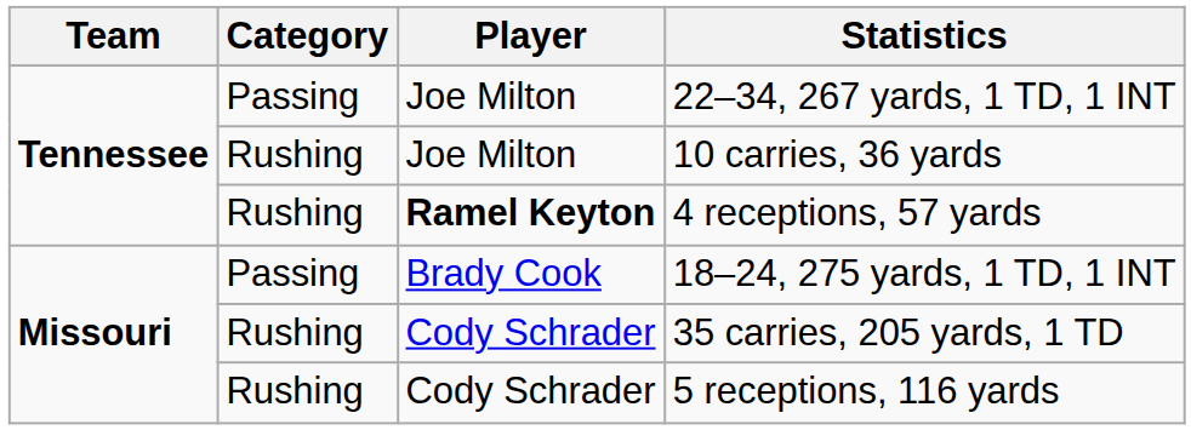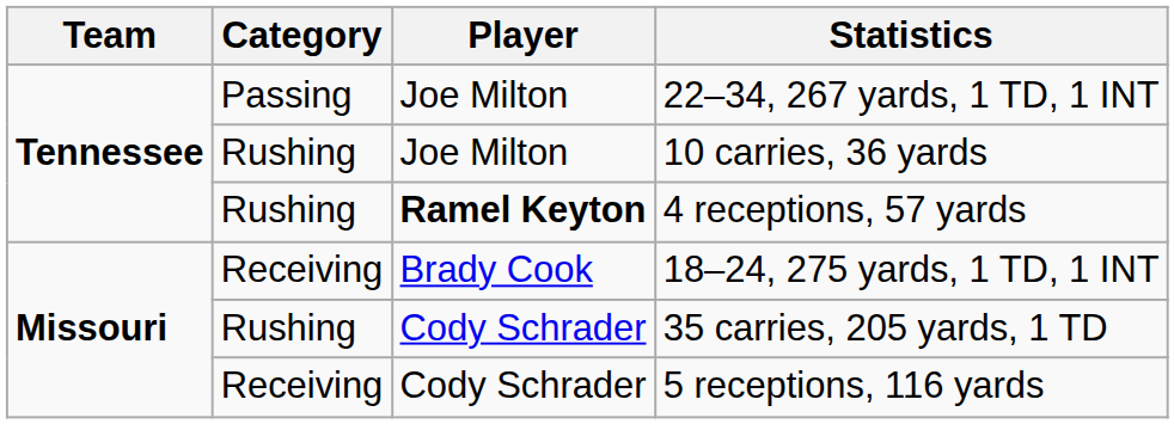 <table class="wikitable" style="float: right;">
 <tr>
 <th>Team</th>
 <th>Category</th>
 <th>Player</th>
 <th>Statistics</th>
 </tr>
 <tr>
 <td rowspan=3><strong>Tennessee</strong></td>
 <td>Passing</td>
 <td>Joe Milton</td>
 <td>22–34, 267 yards, 1 TD, 1 INT</td>
 </tr>
 <tr>
 <td>Rushing</td>
 <td>Joe Milton</td>
 <td>10 carries, 36 yards</td>
 </tr>
 <tr>
 <td>Rushing</td>
 <td><strong>Ramel Keyton</strong></td>
 <td>4 receptions, 57 yards</td>
 </tr>
 <tr>
 <td rowspan=3><strong>Missouri</strong></td>
-<td>Passing</td>
+<td>Receiving</td>
 <td><a href='#'>Brady Cook</a></td>
 <td>18–24, 275 yards, 1 TD, 1 INT</td>
 </tr>
 <tr>
 <td>Rushing</td>
 <td><a href='#'>Cody Schrader</a></td>
 <td>35 carries, 205 yards, 1 TD</td>
 </tr>
 <tr>
-<td>Rushing</td>
+<td>Receiving</td>
 <td>Cody Schrader</td>
 <td>5 receptions, 116 yards</td>
 </tr>
 </table>
